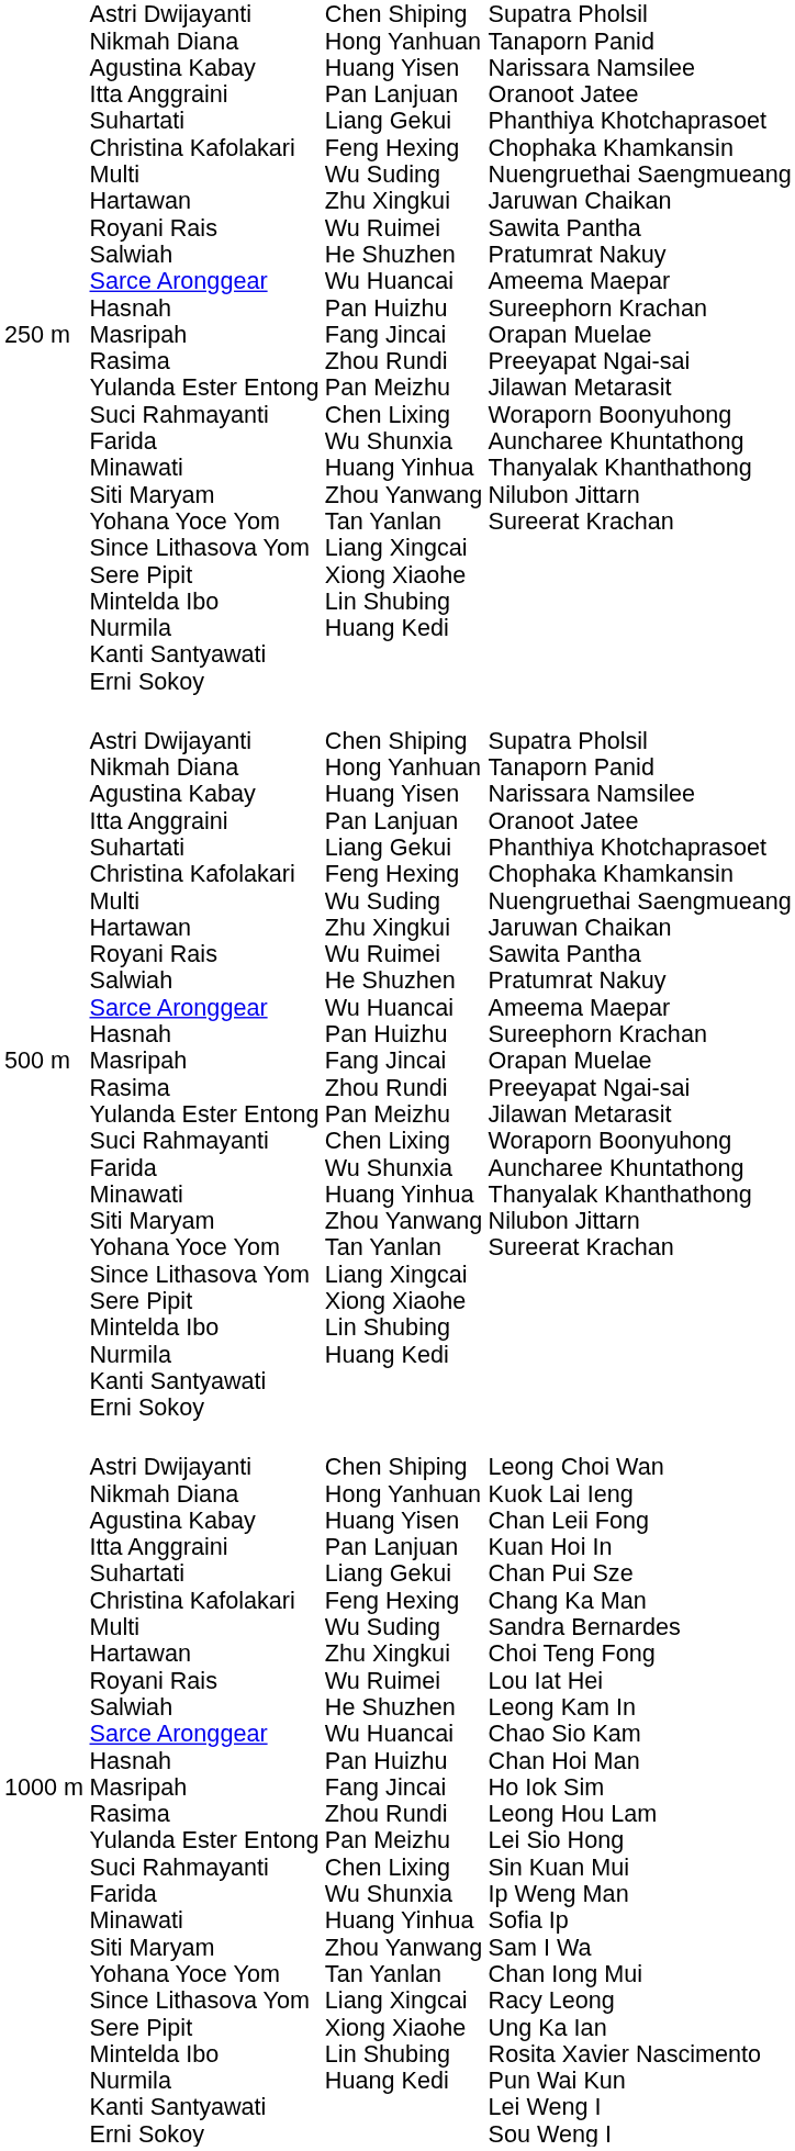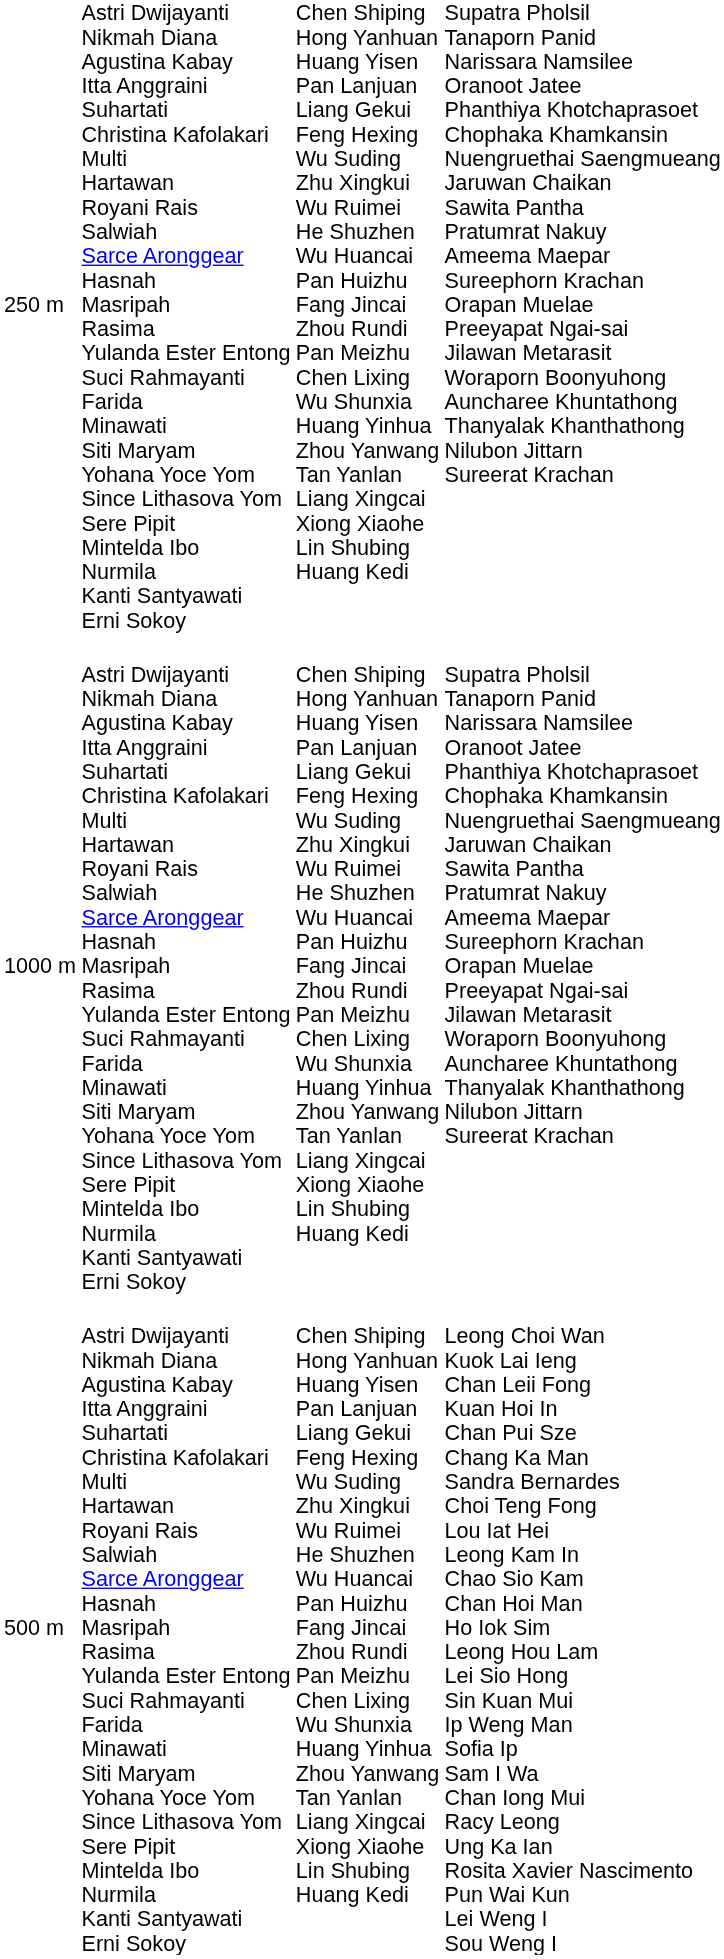 <table>
 <tr>
 <td>250 m</td>
 <td><br>Astri Dwijayanti<br>Nikmah Diana<br>Agustina Kabay<br>Itta Anggraini<br>Suhartati<br>Christina Kafolakari<br>Multi<br>Hartawan<br>Royani Rais<br>Salwiah<br><a href='#'>Sarce Aronggear</a><br>Hasnah<br>Masripah<br>Rasima<br>Yulanda Ester Entong<br>Suci Rahmayanti<br>Farida<br>Minawati<br>Siti Maryam<br>Yohana Yoce Yom<br>Since Lithasova Yom<br>Sere Pipit<br>Mintelda Ibo<br>Nurmila<br>Kanti Santyawati<br>Erni Sokoy</td>
 <td valign=top><br>Chen Shiping<br>Hong Yanhuan<br>Huang Yisen<br>Pan Lanjuan<br>Liang Gekui<br>Feng Hexing<br>Wu Suding<br>Zhu Xingkui<br>Wu Ruimei<br>He Shuzhen<br>Wu Huancai<br>Pan Huizhu<br>Fang Jincai<br>Zhou Rundi<br>Pan Meizhu<br>Chen Lixing<br>Wu Shunxia<br>Huang Yinhua<br>Zhou Yanwang<br>Tan Yanlan<br>Liang Xingcai<br>Xiong Xiaohe<br>Lin Shubing<br>Huang Kedi</td>
 <td valign=top><br>Supatra Pholsil<br>Tanaporn Panid<br>Narissara Namsilee<br>Oranoot Jatee<br>Phanthiya Khotchaprasoet<br>Chophaka Khamkansin<br>Nuengruethai Saengmueang<br>Jaruwan Chaikan<br>Sawita Pantha<br>Pratumrat Nakuy<br>Ameema Maepar<br>Sureephorn Krachan<br>Orapan Muelae<br>Preeyapat Ngai-sai<br>Jilawan Metarasit<br>Woraporn Boonyuhong<br>Auncharee Khuntathong<br>Thanyalak Khanthathong<br>Nilubon Jittarn<br>Sureerat Krachan</td>
 </tr>
 <tr>
-<td>500 m</td>
+<td>1000 m</td>
 <td><br>Astri Dwijayanti<br>Nikmah Diana<br>Agustina Kabay<br>Itta Anggraini<br>Suhartati<br>Christina Kafolakari<br>Multi<br>Hartawan<br>Royani Rais<br>Salwiah<br><a href='#'>Sarce Aronggear</a><br>Hasnah<br>Masripah<br>Rasima<br>Yulanda Ester Entong<br>Suci Rahmayanti<br>Farida<br>Minawati<br>Siti Maryam<br>Yohana Yoce Yom<br>Since Lithasova Yom<br>Sere Pipit<br>Mintelda Ibo<br>Nurmila<br>Kanti Santyawati<br>Erni Sokoy</td>
 <td valign=top><br>Chen Shiping<br>Hong Yanhuan<br>Huang Yisen<br>Pan Lanjuan<br>Liang Gekui<br>Feng Hexing<br>Wu Suding<br>Zhu Xingkui<br>Wu Ruimei<br>He Shuzhen<br>Wu Huancai<br>Pan Huizhu<br>Fang Jincai<br>Zhou Rundi<br>Pan Meizhu<br>Chen Lixing<br>Wu Shunxia<br>Huang Yinhua<br>Zhou Yanwang<br>Tan Yanlan<br>Liang Xingcai<br>Xiong Xiaohe<br>Lin Shubing<br>Huang Kedi</td>
 <td valign=top><br>Supatra Pholsil<br>Tanaporn Panid<br>Narissara Namsilee<br>Oranoot Jatee<br>Phanthiya Khotchaprasoet<br>Chophaka Khamkansin<br>Nuengruethai Saengmueang<br>Jaruwan Chaikan<br>Sawita Pantha<br>Pratumrat Nakuy<br>Ameema Maepar<br>Sureephorn Krachan<br>Orapan Muelae<br>Preeyapat Ngai-sai<br>Jilawan Metarasit<br>Woraporn Boonyuhong<br>Auncharee Khuntathong<br>Thanyalak Khanthathong<br>Nilubon Jittarn<br>Sureerat Krachan</td>
 </tr>
 <tr>
-<td>1000 m</td>
+<td>500 m</td>
 <td><br>Astri Dwijayanti<br>Nikmah Diana<br>Agustina Kabay<br>Itta Anggraini<br>Suhartati<br>Christina Kafolakari<br>Multi<br>Hartawan<br>Royani Rais<br>Salwiah<br><a href='#'>Sarce Aronggear</a><br>Hasnah<br>Masripah<br>Rasima<br>Yulanda Ester Entong<br>Suci Rahmayanti<br>Farida<br>Minawati<br>Siti Maryam<br>Yohana Yoce Yom<br>Since Lithasova Yom<br>Sere Pipit<br>Mintelda Ibo<br>Nurmila<br>Kanti Santyawati<br>Erni Sokoy</td>
 <td valign=top><br>Chen Shiping<br>Hong Yanhuan<br>Huang Yisen<br>Pan Lanjuan<br>Liang Gekui<br>Feng Hexing<br>Wu Suding<br>Zhu Xingkui<br>Wu Ruimei<br>He Shuzhen<br>Wu Huancai<br>Pan Huizhu<br>Fang Jincai<br>Zhou Rundi<br>Pan Meizhu<br>Chen Lixing<br>Wu Shunxia<br>Huang Yinhua<br>Zhou Yanwang<br>Tan Yanlan<br>Liang Xingcai<br>Xiong Xiaohe<br>Lin Shubing<br>Huang Kedi</td>
 <td valign=top><br>Leong Choi Wan<br>Kuok Lai Ieng<br>Chan Leii Fong<br>Kuan Hoi In<br>Chan Pui Sze<br>Chang Ka Man<br>Sandra Bernardes<br>Choi Teng Fong<br>Lou Iat Hei<br>Leong Kam In<br>Chao Sio Kam<br>Chan Hoi Man<br>Ho Iok Sim<br>Leong Hou Lam<br>Lei Sio Hong<br>Sin Kuan Mui<br>Ip Weng Man<br>Sofia Ip<br>Sam I Wa<br>Chan Iong Mui<br>Racy Leong<br>Ung Ka Ian<br> Rosita Xavier Nascimento<br>Pun Wai Kun<br>Lei Weng I<br>Sou Weng I</td>
 </tr>
 </table>
